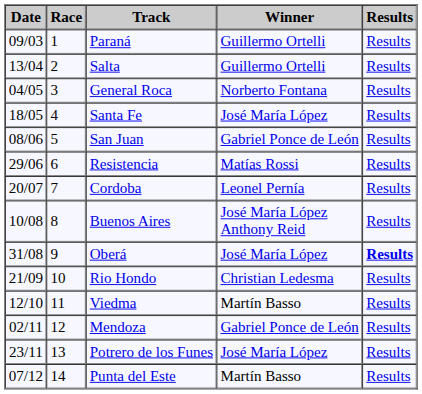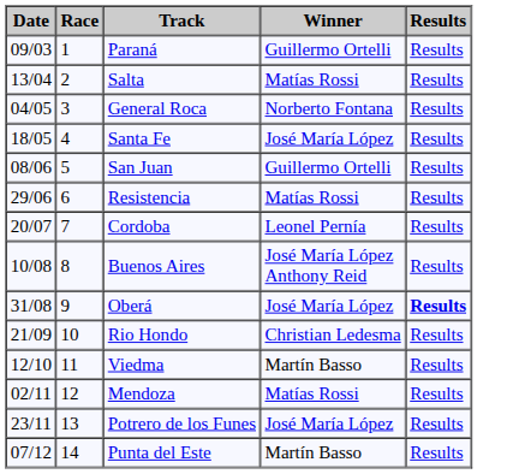 <table style="background:#f7f8ff;" cellpadding="3" cellspacing="0" border="1" style="font-size: 95%; border: gray solid 1px; border-collapse: collapse;">
 <tr align="center" style="background:#CCCCCC;">
 <th>Date</th>
 <th>Race</th>
 <th>Track</th>
 <th>Winner</th>
 <th>Results</th>
 </tr>
 <tr align="center">
 <td>09/03</td>
 <td align="left">1</td>
 <td align="left"> <a href='#'>Paraná</a></td>
 <td align="left"> <a href='#'>Guillermo Ortelli</a></td>
 <td align="left"><a href='#'>Results</a></td>
 </tr>
 <tr align="center">
 <td>13/04</td>
 <td align="left">2</td>
 <td align="left"> <a href='#'>Salta</a></td>
-<td align="left"> <a href='#'>Guillermo Ortelli</a></td>
+<td align="left"> <a href='#'>Matías Rossi</a></td>
 <td align="left"><a href='#'>Results</a></td>
 </tr>
 <tr align="center">
 <td>04/05</td>
 <td align="left">3</td>
 <td align="left"> <a href='#'>General Roca</a></td>
 <td align="left"> <a href='#'>Norberto Fontana</a></td>
 <td align="left"><a href='#'>Results</a></td>
 </tr>
 <tr align="center">
 <td>18/05</td>
 <td align="left">4</td>
 <td align="left"> <a href='#'>Santa Fe</a></td>
 <td align="left"> <a href='#'>José María López</a></td>
 <td align="left"><a href='#'>Results</a></td>
 </tr>
 <tr align="center">
 <td>08/06</td>
 <td align="left">5</td>
 <td align="left"> <a href='#'>San Juan</a></td>
-<td align="left"> <a href='#'>Gabriel Ponce de León</a></td>
+<td align="left"> <a href='#'>Guillermo Ortelli</a></td>
 <td align="left"><a href='#'>Results</a></td>
 </tr>
 <tr align="center">
 <td>29/06</td>
 <td align="left">6</td>
 <td align="left"> <a href='#'>Resistencia</a></td>
 <td align="left"> <a href='#'>Matías Rossi</a></td>
 <td align="left"><a href='#'>Results</a></td>
 </tr>
 <tr align="center">
 <td>20/07</td>
 <td align="left">7</td>
 <td align="left"> <a href='#'>Cordoba</a></td>
 <td align="left"> <a href='#'>Leonel Pernía</a></td>
 <td align="left"><a href='#'>Results</a></td>
 </tr>
 <tr align="center">
 <td>10/08</td>
 <td align="left">8</td>
 <td align="left"> <a href='#'>Buenos Aires</a></td>
 <td align="left"> <a href='#'>José María López</a><br> <a href='#'>Anthony Reid</a></td>
 <td align="left"><a href='#'>Results</a></td>
 </tr>
 <tr align="center">
 <td>31/08</td>
 <td align="left">9</td>
 <td align="left"> <a href='#'>Oberá</a></td>
 <td align="left"> <a href='#'>José María López</a></td>
 <td align="left"><strong><a href='#'>Results</a></strong></td>
 </tr>
 <tr align="center">
 <td>21/09</td>
 <td align="left">10</td>
 <td align="left"> <a href='#'>Rio Hondo</a></td>
 <td align="left"> <a href='#'>Christian Ledesma</a></td>
 <td align="left"><a href='#'>Results</a></td>
 </tr>
 <tr align="center">
 <td>12/10</td>
 <td align="left">11</td>
 <td align="left"> <a href='#'>Viedma</a></td>
 <td align="left"> Martín Basso</td>
 <td align="left"><a href='#'>Results</a></td>
 </tr>
 <tr align="center">
 <td>02/11</td>
 <td align="left">12</td>
 <td align="left"> <a href='#'>Mendoza</a></td>
-<td align="left"> <a href='#'>Gabriel Ponce de León</a></td>
+<td align="left"> <a href='#'>Matías Rossi</a></td>
 <td align="left"><a href='#'>Results</a></td>
 </tr>
 <tr align="center">
 <td>23/11</td>
 <td align="left">13</td>
 <td align="left"> <a href='#'>Potrero de los Funes</a></td>
 <td align="left"> <a href='#'>José María López</a></td>
 <td align="left"><a href='#'>Results</a></td>
 </tr>
 <tr align="center">
 <td>07/12</td>
 <td align="left">14</td>
 <td align="left"> <a href='#'>Punta del Este</a></td>
 <td align="left"> Martín Basso</td>
 <td align="left"><a href='#'>Results</a></td>
 </tr>
 </table>
